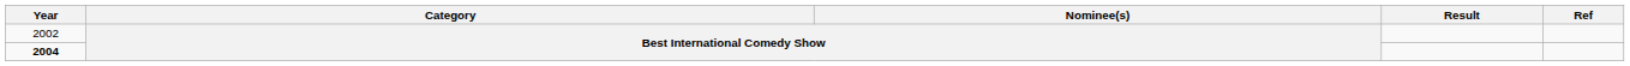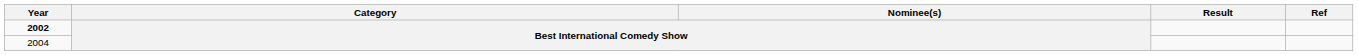 <table class="wikitable plainrowheaders" style="font-size: 90%; text-align:center" width=100%>
 <tr>
 <th scope="col" width="5%">Year</th>
 <th scope="col" width="45%">Category</th>
 <th scope="col" width="35%">Nominee(s)</th>
 <th scope="col" width="10%">Result</th>
 <th scope="col" width="5%">Ref</th>
 </tr>
 <tr>
-<td>2002</td>
+<td><strong>2002</strong></td>
 <th scope="row" style="text-align:center" rowspan="2" colspan="2">Best International Comedy Show</th>
 <td></td>
 <td></td>
 </tr>
 <tr>
-<td><strong>2004</strong></td>
+<td>2004</td>
 <td></td>
 <td></td>
 </tr>
 </table>
